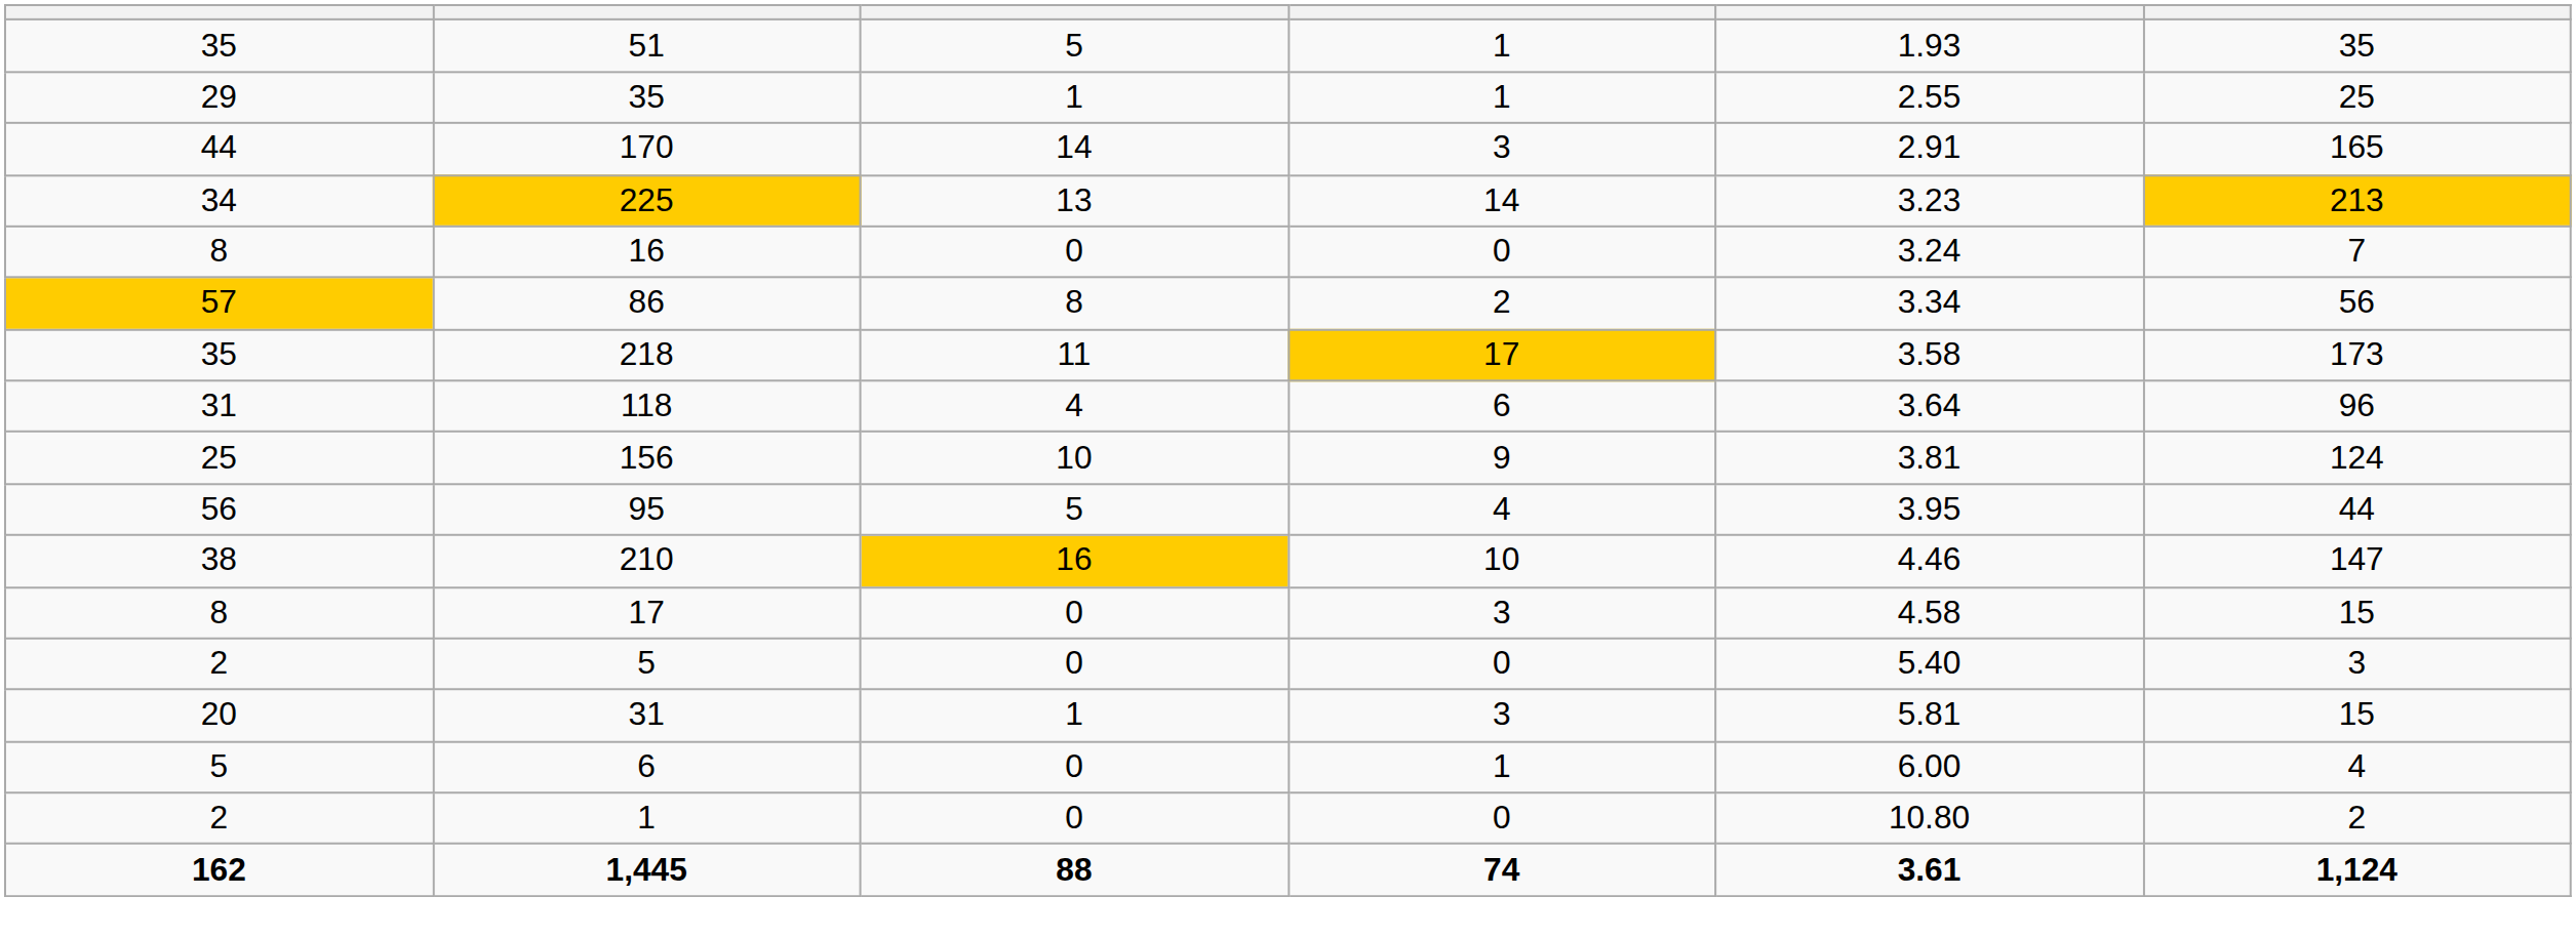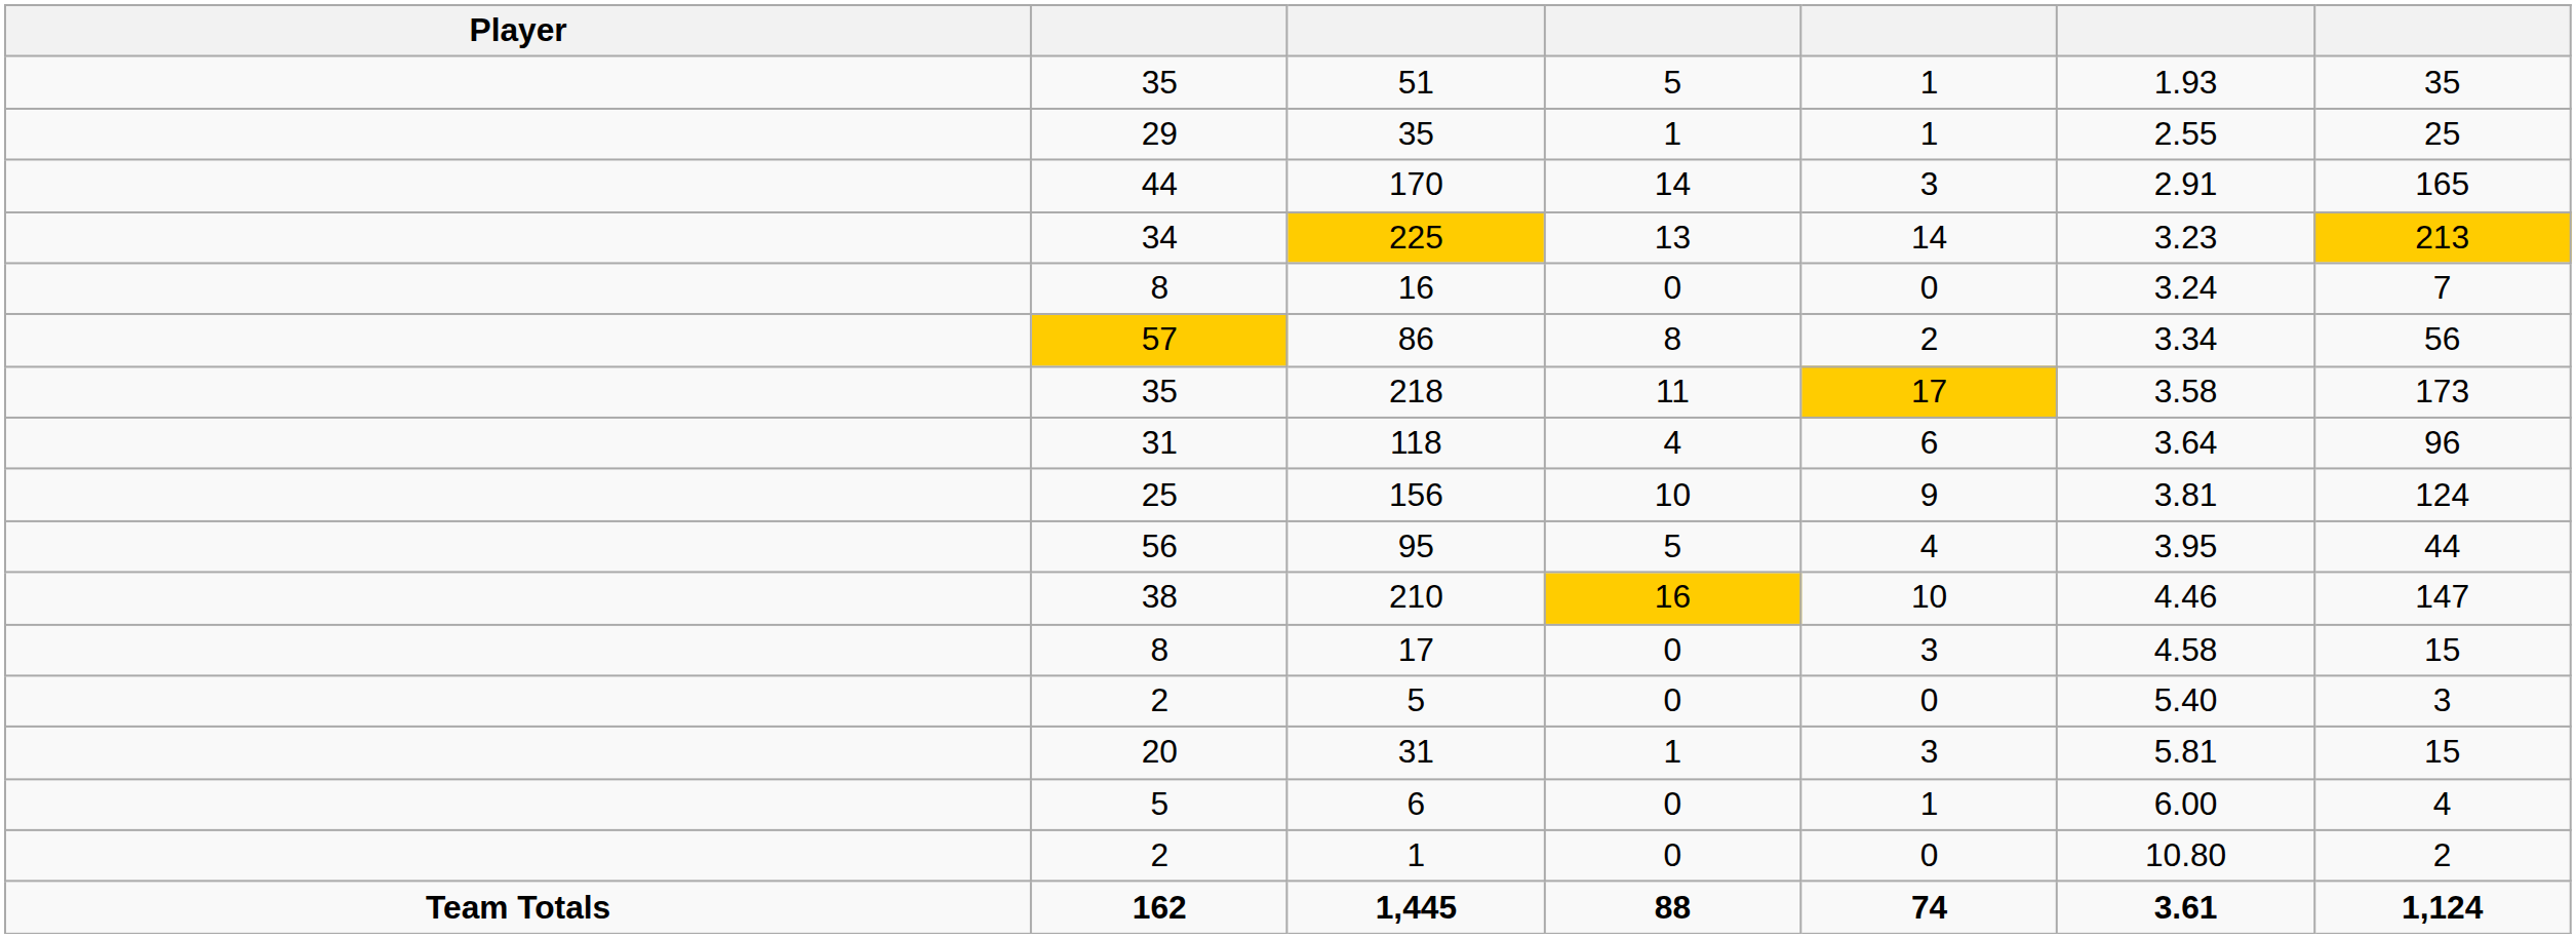 <table class="wikitable sortable" style="text-align:center;" width="100%">
 <tr>
+<th width="40%">Player</th>
 <th width="10%"></th>
 <th width="10%" data-sort-type="number"></th>
 <th width="10%"></th>
 <th width="10%"></th>
 <th width="10%"></th>
 <th width="10%"></th>
 </tr>
 <tr>
+<td></td>
 <td>35</td>
 <td>51</td>
 <td>5</td>
 <td>1</td>
 <td>1.93</td>
 <td>35</td>
 </tr>
 <tr>
+<td></td>
 <td>29</td>
 <td>35</td>
 <td>1</td>
 <td>1</td>
 <td>2.55</td>
 <td>25</td>
 </tr>
 <tr>
+<td></td>
 <td>44</td>
 <td>170</td>
 <td>14</td>
 <td>3</td>
 <td>2.91</td>
 <td>165</td>
 </tr>
 <tr>
+<td></td>
 <td>34</td>
 <td style="background:#fc0;">225</td>
 <td>13</td>
 <td>14</td>
 <td>3.23</td>
 <td style="background:#fc0;">213</td>
 </tr>
 <tr>
+<td></td>
 <td>8</td>
 <td>16</td>
 <td>0</td>
 <td>0</td>
 <td>3.24</td>
 <td>7</td>
 </tr>
 <tr>
+<td></td>
 <td style="background:#fc0;">57</td>
 <td>86</td>
 <td>8</td>
 <td>2</td>
 <td>3.34</td>
 <td>56</td>
 </tr>
 <tr>
+<td></td>
 <td>35</td>
 <td>218</td>
 <td>11</td>
 <td style="background:#fc0;">17</td>
 <td>3.58</td>
 <td>173</td>
 </tr>
 <tr>
+<td></td>
 <td>31</td>
 <td>118</td>
 <td>4</td>
 <td>6</td>
 <td>3.64</td>
 <td>96</td>
 </tr>
 <tr>
+<td></td>
 <td>25</td>
 <td>156</td>
 <td>10</td>
 <td>9</td>
 <td>3.81</td>
 <td>124</td>
 </tr>
 <tr>
+<td></td>
 <td>56</td>
 <td>95</td>
 <td>5</td>
 <td>4</td>
 <td>3.95</td>
 <td>44</td>
 </tr>
 <tr>
+<td></td>
 <td>38</td>
 <td>210</td>
 <td style="background:#fc0;">16</td>
 <td>10</td>
 <td>4.46</td>
 <td>147</td>
 </tr>
 <tr>
+<td></td>
 <td>8</td>
 <td>17</td>
 <td>0</td>
 <td>3</td>
 <td>4.58</td>
 <td>15</td>
 </tr>
 <tr>
+<td></td>
 <td>2</td>
 <td>5</td>
 <td>0</td>
 <td>0</td>
 <td>5.40</td>
 <td>3</td>
 </tr>
 <tr>
+<td></td>
 <td>20</td>
 <td>31</td>
 <td>1</td>
 <td>3</td>
 <td>5.81</td>
 <td>15</td>
 </tr>
 <tr>
+<td></td>
 <td>5</td>
 <td>6</td>
 <td>0</td>
 <td>1</td>
 <td>6.00</td>
 <td>4</td>
 </tr>
 <tr>
+<td></td>
 <td>2</td>
 <td>1</td>
 <td>0</td>
 <td>0</td>
 <td>10.80</td>
 <td>2</td>
 </tr>
 <tr>
+<td><strong>Team Totals</strong></td>
 <td><strong>162</strong></td>
 <td><strong>1,445</strong></td>
 <td><strong>88</strong></td>
 <td><strong>74</strong></td>
 <td><strong>3.61</strong></td>
 <td><strong>1,124</strong></td>
 </tr>
 </table>
